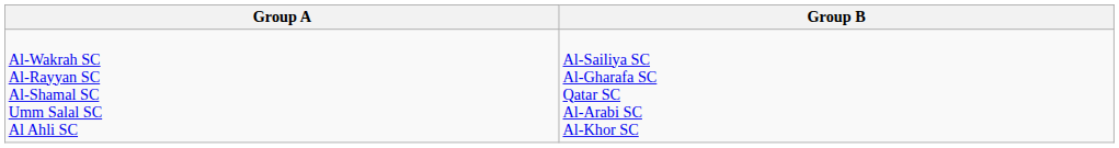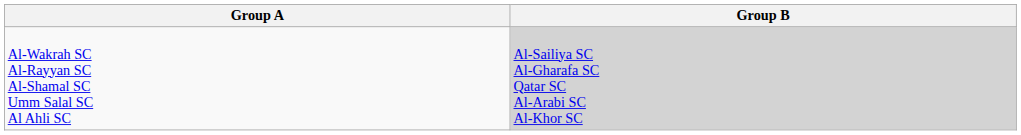 <table class="wikitable" width=90%>
 <tr>
 <th width=20%>Group A</th>
 <th width=20%>Group B</th>
 </tr>
 <tr>
 <td><br><a href='#'>Al-Wakrah SC</a> <br> <a href='#'>Al-Rayyan SC</a> <br> <a href='#'>Al-Shamal SC</a> <br> <a href='#'>Umm Salal SC</a> <br> <a href='#'>Al Ahli SC</a> <br></td>
-<td><br><a href='#'>Al-Sailiya SC</a> <br> <a href='#'>Al-Gharafa SC</a> <br> <a href='#'>Qatar SC</a> <br> <a href='#'>Al-Arabi SC</a> <br> <a href='#'>Al-Khor SC</a> <br></td>
+<td style="background: lightgrey;"><br><a href='#'>Al-Sailiya SC</a> <br> <a href='#'>Al-Gharafa SC</a> <br> <a href='#'>Qatar SC</a> <br> <a href='#'>Al-Arabi SC</a> <br> <a href='#'>Al-Khor SC</a> <br></td>
 </tr>
 </table>
